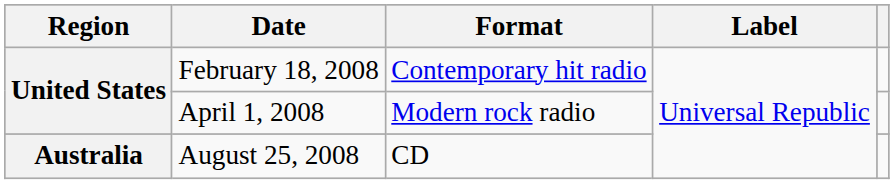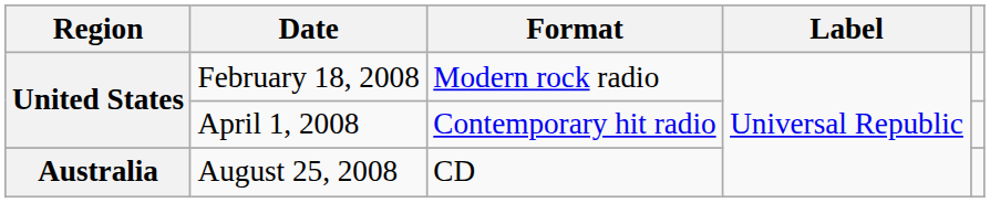 <table class="wikitable plainrowheaders">
 <tr>
 <th scope="col">Region</th>
 <th scope="col">Date</th>
 <th scope="col">Format</th>
 <th scope="col">Label</th>
 <th scope="col"></th>
 </tr>
 <tr>
 <th scope="row" rowspan="2">United States</th>
 <td>February 18, 2008</td>
-<td><a href='#'>Contemporary hit radio</a></td>
+<td><a href='#'>Modern rock</a> radio</td>
 <td rowspan="3"><a href='#'>Universal Republic</a></td>
 <td></td>
 </tr>
 <tr>
 <td>April 1, 2008</td>
-<td><a href='#'>Modern rock</a> radio</td>
+<td><a href='#'>Contemporary hit radio</a></td>
 <td></td>
 </tr>
 <tr>
 <th scope="row">Australia</th>
 <td>August 25, 2008</td>
 <td>CD</td>
 <td></td>
 </tr>
 </table>
